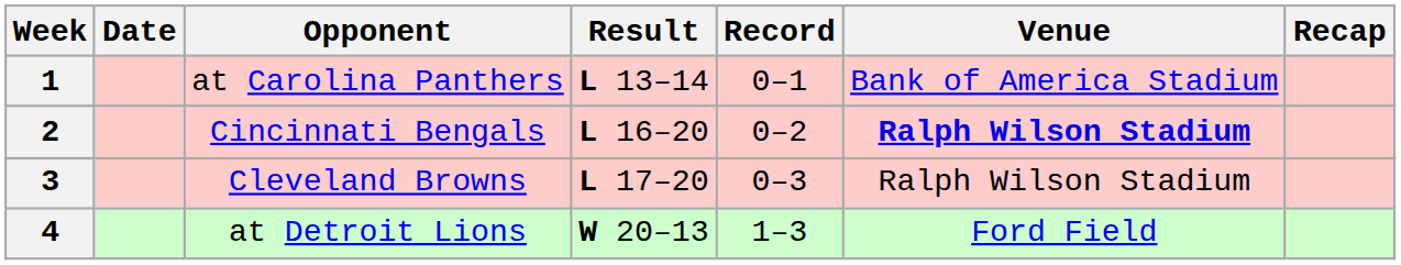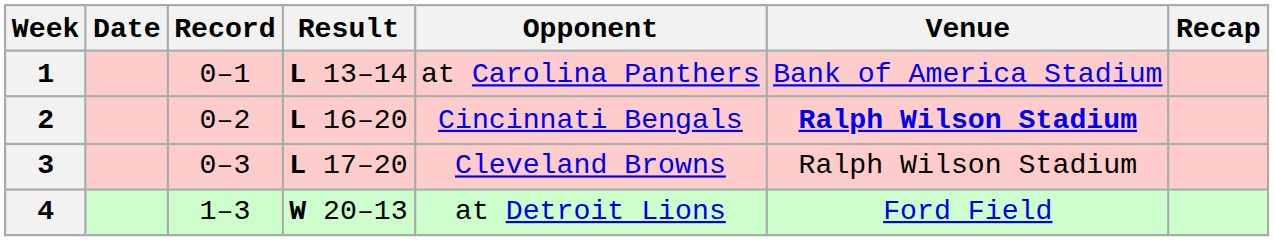 <table class="wikitable" style="text-align:center">
 <tr>
 <th>Week</th>
 <th>Date</th>
+<th>Record</th>
+<th>Result</th>
 <th>Opponent</th>
-<th>Result</th>
-<th>Record</th>
 <th>Venue</th>
 <th>Recap</th>
 </tr>
 <tr style="background:#fcc">
 <th>1</th>
 <td></td>
+<td>0–1</td>
+<td><strong>L</strong> 13–14</td>
 <td>at <a href='#'>Carolina Panthers</a></td>
-<td><strong>L</strong> 13–14</td>
-<td>0–1</td>
 <td><a href='#'>Bank of America Stadium</a></td>
 <td></td>
 </tr>
 <tr style="background:#fcc">
 <th>2</th>
 <td></td>
+<td>0–2</td>
+<td><strong>L</strong> 16–20</td>
 <td><a href='#'>Cincinnati Bengals</a></td>
-<td><strong>L</strong> 16–20</td>
-<td>0–2</td>
 <td><strong><a href='#'>Ralph Wilson Stadium</a></strong></td>
 <td></td>
 </tr>
 <tr style="background:#fcc">
 <th>3</th>
 <td></td>
+<td>0–3</td>
+<td><strong>L</strong> 17–20</td>
 <td><a href='#'>Cleveland Browns</a></td>
-<td><strong>L</strong> 17–20</td>
-<td>0–3</td>
 <td>Ralph Wilson Stadium</td>
 <td></td>
 </tr>
 <tr style="background:#cfc">
 <th>4</th>
 <td></td>
+<td>1–3</td>
+<td><strong>W</strong> 20–13</td>
 <td>at <a href='#'>Detroit Lions</a></td>
-<td><strong>W</strong> 20–13</td>
-<td>1–3</td>
 <td><a href='#'>Ford Field</a></td>
 <td></td>
 </tr>
 </table>
